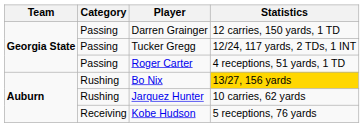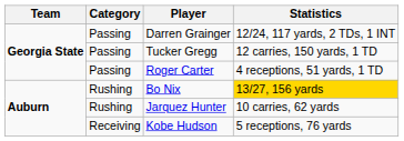 <table class="wikitable" style="float: left;">
 <tr>
 <th>Team</th>
 <th>Category</th>
 <th>Player</th>
 <th>Statistics</th>
 </tr>
 <tr>
 <td rowspan=3><strong>Georgia State</strong></td>
 <td>Passing</td>
 <td>Darren Grainger</td>
-<td>12 carries, 150 yards, 1 TD</td>
+<td>12/24, 117 yards, 2 TDs, 1 INT</td>
 </tr>
 <tr>
 <td>Passing</td>
 <td>Tucker Gregg</td>
-<td>12/24, 117 yards, 2 TDs, 1 INT</td>
+<td>12 carries, 150 yards, 1 TD</td>
 </tr>
 <tr>
 <td>Passing</td>
 <td><a href='#'>Roger Carter</a></td>
 <td>4 receptions, 51 yards, 1 TD</td>
 </tr>
 <tr>
 <td rowspan=3><strong>Auburn</strong></td>
 <td>Rushing</td>
 <td><a href='#'>Bo Nix</a></td>
 <td style="background: gold;">13/27, 156 yards</td>
 </tr>
 <tr>
 <td>Rushing</td>
 <td><a href='#'>Jarquez Hunter</a></td>
 <td>10 carries, 62 yards</td>
 </tr>
 <tr>
 <td>Receiving</td>
 <td><a href='#'>Kobe Hudson</a></td>
 <td>5 receptions, 76 yards</td>
 </tr>
 </table>
